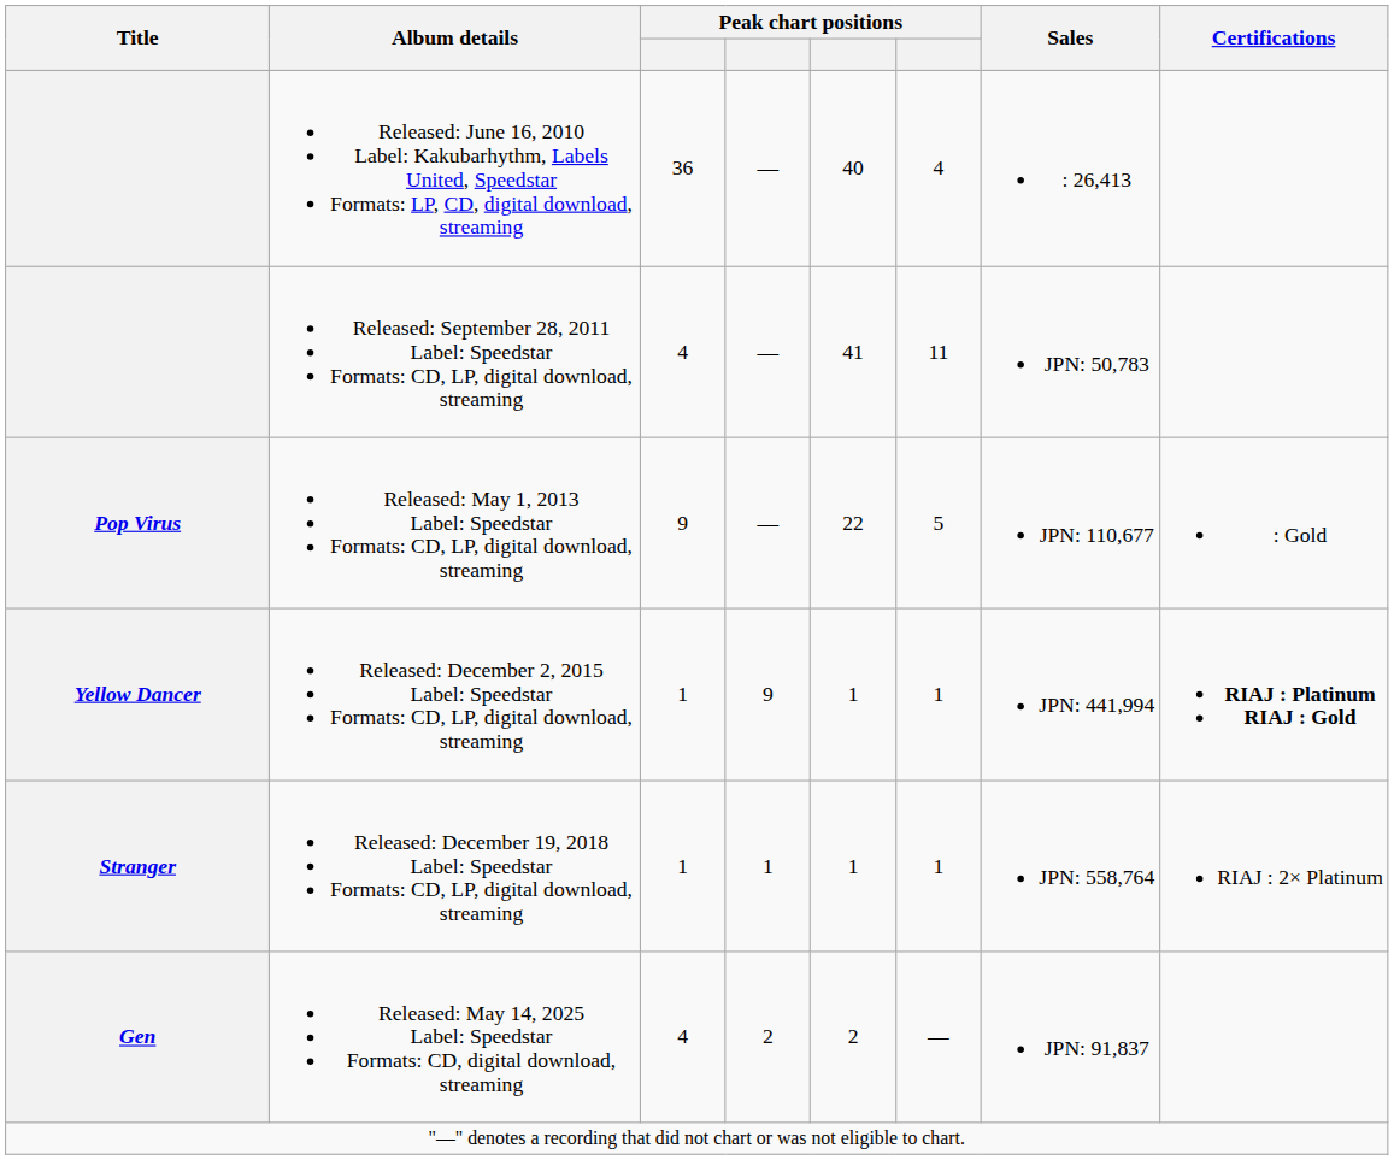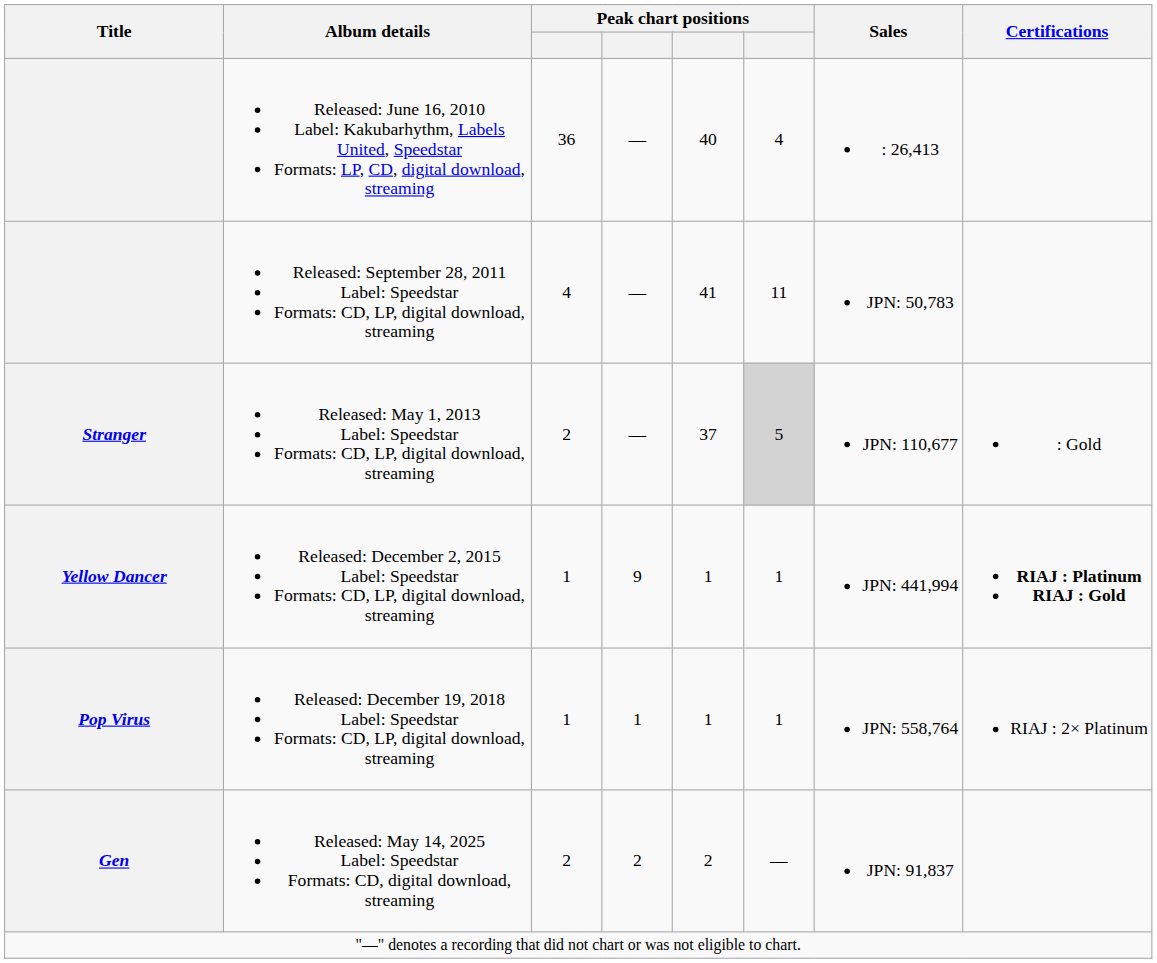 <table class="wikitable plainrowheaders" style="text-align:center;">
 <tr>
 <th scope="col" style="width:12em;" rowspan="2">Title</th>
 <th scope="col" rowspan="2" style="width:17em;">Album details</th>
 <th scope="colgroup" colspan="4">Peak chart positions</th>
 <th scope="col" rowspan="2" style="width:;">Sales</th>
 <th scope="col" rowspan="2" style="width:;"><a href='#'>Certifications</a></th>
 </tr>
 <tr>
 <th scope="col" style="width:4em;font-size:90%;"><a href='#'></a><br></th>
 <th scope="col" style="width:4em;font-size:90%;"><a href='#'></a><br></th>
 <th scope="col" style="width:4em;font-size:90%;"><a href='#'></a><br></th>
 <th scope="col" style="width:4em;font-size:90%;"><a href='#'></a><br></th>
 </tr>
 <tr>
 <th scope="row"></th>
 <td><br><ul><li>Released: June 16, 2010</li><li>Label: Kakubarhythm, <a href='#'>Labels United</a>, <a href='#'>Speedstar</a></li><li>Formats: <a href='#'>LP</a>, <a href='#'>CD</a>, <a href='#'>digital download</a>, <a href='#'>streaming</a></li></ul></td>
 <td>36</td>
 <td>—</td>
 <td>40</td>
 <td>4</td>
 <td><br><ul><li><a href='#'></a>: 26,413</li></ul></td>
 <td></td>
 </tr>
 <tr>
 <th scope="row"></th>
 <td><br><ul><li>Released: September 28, 2011</li><li>Label: Speedstar</li><li>Formats: CD, LP, digital download, streaming</li></ul></td>
 <td>4</td>
 <td>—</td>
 <td>41</td>
 <td>11</td>
 <td><br><ul><li>JPN: 50,783</li></ul></td>
 <td></td>
 </tr>
 <tr>
-<th scope="row"><em><a href='#'>Pop Virus</a></em></th>
+<th scope="row"><em><a href='#'>Stranger</a></em></th>
 <td><br><ul><li>Released: May 1, 2013</li><li>Label: Speedstar</li><li>Formats: CD, LP, digital download, streaming</li></ul></td>
-<td>9</td>
+<td>2</td>
 <td>—</td>
-<td>22</td>
-<td>5</td>
+<td>37</td>
+<td style="background: lightgrey;">5</td>
 <td><br><ul><li>JPN: 110,677</li></ul></td>
 <td><br><ul><li><a href='#'></a> : Gold</li></ul></td>
 </tr>
 <tr>
 <th scope="row"><em><a href='#'>Yellow Dancer</a></em></th>
 <td><br><ul><li>Released: December 2, 2015</li><li>Label: Speedstar</li><li>Formats: CD, LP, digital download, streaming</li></ul></td>
 <td>1</td>
 <td>9</td>
 <td>1</td>
 <td>1</td>
 <td><br><ul><li>JPN: 441,994</li></ul></td>
 <td><strong><br><ul><li>RIAJ : Platinum</li><li>RIAJ : Gold</li></ul></strong></td>
 </tr>
 <tr>
-<th scope="row"><em><a href='#'>Stranger</a></em></th>
+<th scope="row"><em><a href='#'>Pop Virus</a></em></th>
 <td><br><ul><li>Released: December 19, 2018</li><li>Label: Speedstar</li><li>Formats: CD, LP, digital download, streaming</li></ul></td>
 <td>1</td>
 <td>1</td>
 <td>1</td>
 <td>1</td>
 <td><br><ul><li>JPN: 558,764</li></ul></td>
 <td><br><ul><li>RIAJ : 2× Platinum</li></ul></td>
 </tr>
 <tr>
 <th scope="row"><em><a href='#'>Gen</a></em></th>
 <td><br><ul><li>Released: May 14, 2025</li><li>Label: Speedstar</li><li>Formats: CD, digital download, streaming</li></ul></td>
-<td>4</td>
+<td>2</td>
 <td>2</td>
 <td>2</td>
 <td>—</td>
 <td><br><ul><li>JPN: 91,837</li></ul></td>
 <td></td>
 </tr>
 <tr>
 <td colspan="12" style="font-size:90%">"—" denotes a recording that did not chart or was not eligible to chart.</td>
 </tr>
 </table>
